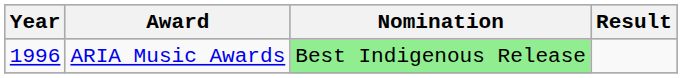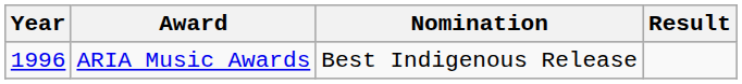 <table class="wikitable">
 <tr>
 <th>Year</th>
 <th>Award</th>
 <th>Nomination</th>
 <th>Result</th>
 </tr>
 <tr>
 <td rowspan="4"><a href='#'>1996</a></td>
 <td rowspan="1"><a href='#'>ARIA Music Awards</a></td>
-<td style="background: lightgreen;">Best Indigenous Release</td>
+<td>Best Indigenous Release</td>
 <td></td>
 </tr>
 </table>
